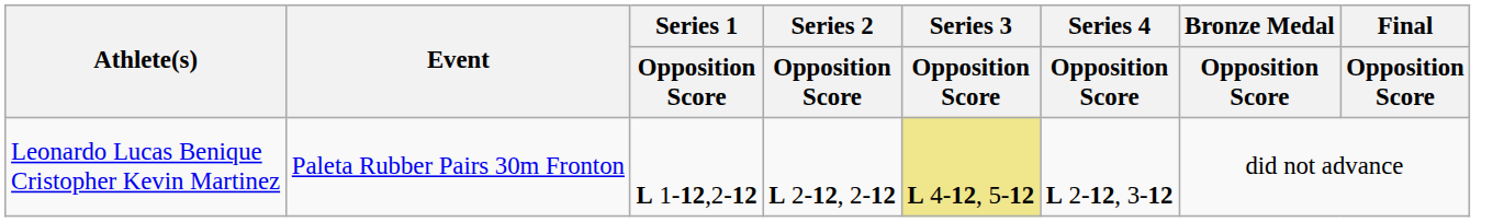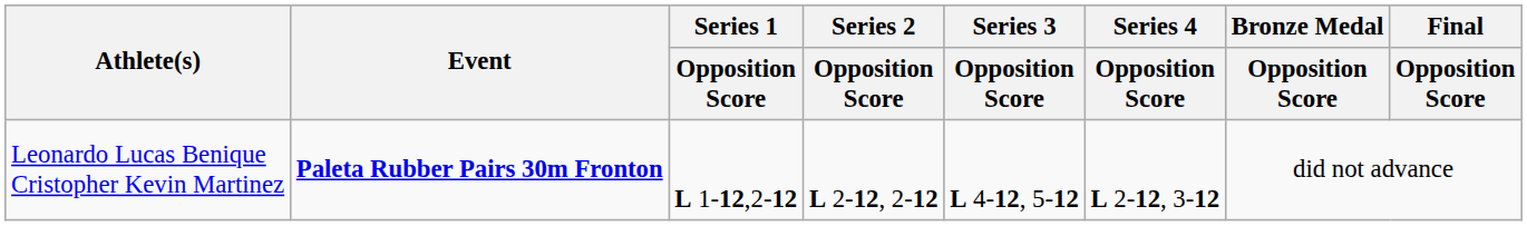 <table class="wikitable" style="font-size:90%">
 <tr>
 <th rowspan="2">Athlete(s)</th>
 <th rowspan="2">Event</th>
 <th>Series 1</th>
 <th>Series 2</th>
 <th>Series 3</th>
 <th>Series 4</th>
 <th>Bronze Medal</th>
 <th>Final</th>
 </tr>
 <tr>
 <th>Opposition <br> Score</th>
 <th>Opposition <br> Score</th>
 <th>Opposition <br> Score</th>
 <th>Opposition <br> Score</th>
 <th>Opposition <br> Score</th>
 <th>Opposition <br> Score</th>
 </tr>
 <tr>
 <td><a href='#'>Leonardo Lucas Benique</a><br><a href='#'>Cristopher Kevin Martinez</a></td>
-<td><a href='#'>Paleta Rubber Pairs 30m Fronton</a></td>
+<td><strong><a href='#'>Paleta Rubber Pairs 30m Fronton</a></strong></td>
 <td align=center><br><br><strong>L</strong> 1-<strong>12</strong>,2-<strong>12</strong></td>
 <td align=center><br><br><strong>L</strong> 2-<strong>12</strong>, 2-<strong>12</strong></td>
-<td align=center style="background: khaki;"><br><br><strong>L</strong> 4-<strong>12</strong>, 5-<strong>12</strong></td>
+<td align=center><br><br><strong>L</strong> 4-<strong>12</strong>, 5-<strong>12</strong></td>
 <td align=center><br><br><strong>L</strong> 2-<strong>12</strong>, 3-<strong>12</strong></td>
 <td align=center colspan=2>did not advance</td>
 </tr>
 </table>
